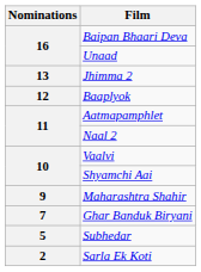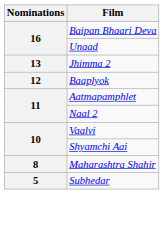 <table class="wikitable" style="display:inline-table;">
 <tr>
 <th>Nominations</th>
 <th>Film</th>
 </tr>
 <tr>
 <th rowspan="2">16</th>
 <td><em><a href='#'>Baipan Bhaari Deva</a></em></td>
 </tr>
 <tr>
 <td><em><a href='#'>Unaad</a></em></td>
 </tr>
 <tr>
 <th>13</th>
 <td><em><a href='#'>Jhimma 2</a></em></td>
 </tr>
 <tr>
 <th>12</th>
 <td><em><a href='#'>Baaplyok</a></em></td>
 </tr>
 <tr>
 <th rowspan="2">11</th>
 <td><em><a href='#'>Aatmapamphlet</a></em></td>
 </tr>
 <tr>
 <td><em><a href='#'>Naal 2</a></em></td>
 </tr>
 <tr>
 <th rowspan="2">10</th>
 <td><em><a href='#'>Vaalvi</a></em></td>
 </tr>
 <tr>
 <td><em><a href='#'>Shyamchi Aai</a></em></td>
 </tr>
 <tr>
-<th>9</th>
+<th>8</th>
 <td><em><a href='#'>Maharashtra Shahir</a></em></td>
-</tr>
-<tr>
-<th>7</th>
-<td><em><a href='#'>Ghar Banduk Biryani</a></em></td>
 </tr>
 <tr>
 <th>5</th>
 <td><em><a href='#'>Subhedar</a></em></td>
 </tr>
-<tr>
-<th>2</th>
-<td><em><a href='#'>Sarla Ek Koti</a></em></td>
-</tr>
 </table>
